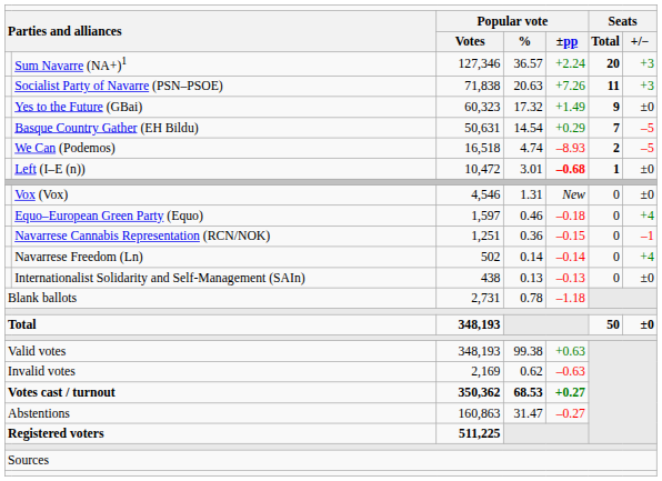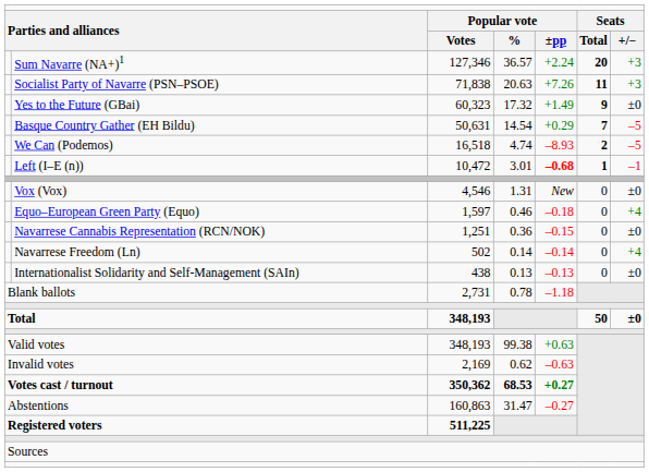 <table class="wikitable" style="text-align:right;">
 <tr>
 <td colspan="7"></td>
 </tr>
 <tr>
 <th style="text-align:left;" rowspan="2" colspan="2" width="525">Parties and alliances</th>
 <th colspan="3">Popular vote</th>
 <th colspan="2">Seats</th>
 </tr>
 <tr>
 <th width="75">Votes</th>
 <th width="45">%</th>
 <th width="45">±<a href='#'>pp</a></th>
 <th width="35">Total</th>
 <th width="35">+/−</th>
 </tr>
 <tr>
 <td width="1" style="color:inherit;background:"></td>
 <td align="left"><a href='#'>Sum Navarre</a> (NA+)<sup>1</sup></td>
 <td>127,346</td>
 <td>36.57</td>
 <td style="color:green;">+2.24</td>
 <td><strong>20</strong></td>
 <td style="color:green;">+3</td>
 </tr>
 <tr>
 <td style="color:inherit;background:"></td>
 <td align="left"><a href='#'>Socialist Party of Navarre</a> (PSN–PSOE)</td>
 <td>71,838</td>
 <td>20.63</td>
 <td style="color:green;">+7.26</td>
 <td><strong>11</strong></td>
 <td style="color:green;">+3</td>
 </tr>
 <tr>
 <td style="color:inherit;background:"></td>
 <td align="left"><a href='#'>Yes to the Future</a> (GBai)</td>
 <td>60,323</td>
 <td>17.32</td>
 <td style="color:green;">+1.49</td>
 <td><strong>9</strong></td>
 <td>±0</td>
 </tr>
 <tr>
 <td style="color:inherit;background:"></td>
 <td align="left"><a href='#'>Basque Country Gather</a> (EH Bildu)</td>
 <td>50,631</td>
 <td>14.54</td>
 <td style="color:green;">+0.29</td>
 <td><strong>7</strong></td>
 <td style="color:red;">–5</td>
 </tr>
 <tr>
 <td style="color:inherit;background:"></td>
 <td align="left"><a href='#'>We Can</a> (Podemos)</td>
 <td>16,518</td>
 <td>4.74</td>
 <td style="color:red;">–8.93</td>
 <td><strong>2</strong></td>
 <td style="color:red;">–5</td>
 </tr>
 <tr>
 <td style="color:inherit;background:"></td>
 <td align="left"><a href='#'>Left</a> (I–E (n))</td>
 <td>10,472</td>
 <td>3.01</td>
 <td style="color:red;"><strong>–0.68</strong></td>
 <td><strong>1</strong></td>
-<td>±0</td>
+<td style="color:red;">–1</td>
 </tr>
 <tr>
 <td colspan="7" bgcolor="#C0C0C0"></td>
 </tr>
 <tr>
 <td style="color:inherit;background:"></td>
 <td align="left"><a href='#'>Vox</a> (Vox)</td>
 <td>4,546</td>
 <td>1.31</td>
 <td><em>New</em></td>
 <td>0</td>
 <td>±0</td>
 </tr>
 <tr>
 <td style="color:inherit;background:"></td>
 <td align="left"><a href='#'>Equo–European Green Party</a> (Equo)</td>
 <td>1,597</td>
 <td>0.46</td>
 <td style="color:red;">–0.18</td>
 <td>0</td>
 <td style="color:green;">+4</td>
 </tr>
 <tr>
 <td style="color:inherit;background:"></td>
 <td align="left"><a href='#'>Navarrese Cannabis Representation</a> (RCN/NOK)</td>
 <td>1,251</td>
 <td>0.36</td>
 <td style="color:red;">–0.15</td>
 <td>0</td>
-<td style="color:red;">–1</td>
+<td>±0</td>
 </tr>
 <tr>
 <td style="color:inherit;background:"></td>
 <td align="left">Navarrese Freedom (Ln)</td>
 <td>502</td>
 <td>0.14</td>
 <td style="color:red;">–0.14</td>
 <td>0</td>
 <td style="color:green;">+4</td>
 </tr>
 <tr>
 <td style="color:inherit;background:"></td>
 <td align="left">Internationalist Solidarity and Self-Management (SAIn)</td>
 <td>438</td>
 <td>0.13</td>
 <td style="color:red;">–0.13</td>
 <td>0</td>
 <td>±0</td>
 </tr>
 <tr>
 <td align="left" colspan="2">Blank ballots</td>
 <td>2,731</td>
 <td>0.78</td>
 <td style="color:red;">–1.18</td>
 <td bgcolor="#E9E9E9" colspan="2"></td>
 </tr>
 <tr>
 <td colspan="7" bgcolor="#E9E9E9"></td>
 </tr>
 <tr style="font-weight:bold;">
 <td align="left" colspan="2">Total</td>
 <td>348,193</td>
 <td bgcolor="#E9E9E9" colspan="2"></td>
 <td>50</td>
 <td>±0</td>
 </tr>
 <tr>
 <td colspan="7" bgcolor="#E9E9E9"></td>
 </tr>
 <tr>
 <td align="left" colspan="2">Valid votes</td>
 <td>348,193</td>
 <td>99.38</td>
 <td style="color:green;">+0.63</td>
 <td bgcolor="#E9E9E9" colspan="2" rowspan="5"></td>
 </tr>
 <tr>
 <td align="left" colspan="2">Invalid votes</td>
 <td>2,169</td>
 <td>0.62</td>
 <td style="color:red;">–0.63</td>
 </tr>
 <tr style="font-weight:bold;">
 <td align="left" colspan="2">Votes cast / turnout</td>
 <td>350,362</td>
 <td>68.53</td>
 <td style="color:green;">+0.27</td>
 </tr>
 <tr>
 <td align="left" colspan="2">Abstentions</td>
 <td>160,863</td>
 <td>31.47</td>
 <td style="color:red;">–0.27</td>
 </tr>
 <tr style="font-weight:bold;">
 <td align="left" colspan="2">Registered voters</td>
 <td>511,225</td>
 <td bgcolor="#E9E9E9" colspan="2"></td>
 </tr>
 <tr>
 <td colspan="7" bgcolor="#E9E9E9"></td>
 </tr>
 <tr>
 <td align="left" colspan="7">Sources</td>
 </tr>
 <tr>
 <td colspan="7" style="text-align:left; max-width:790px;"></td>
 </tr>
 </table>
